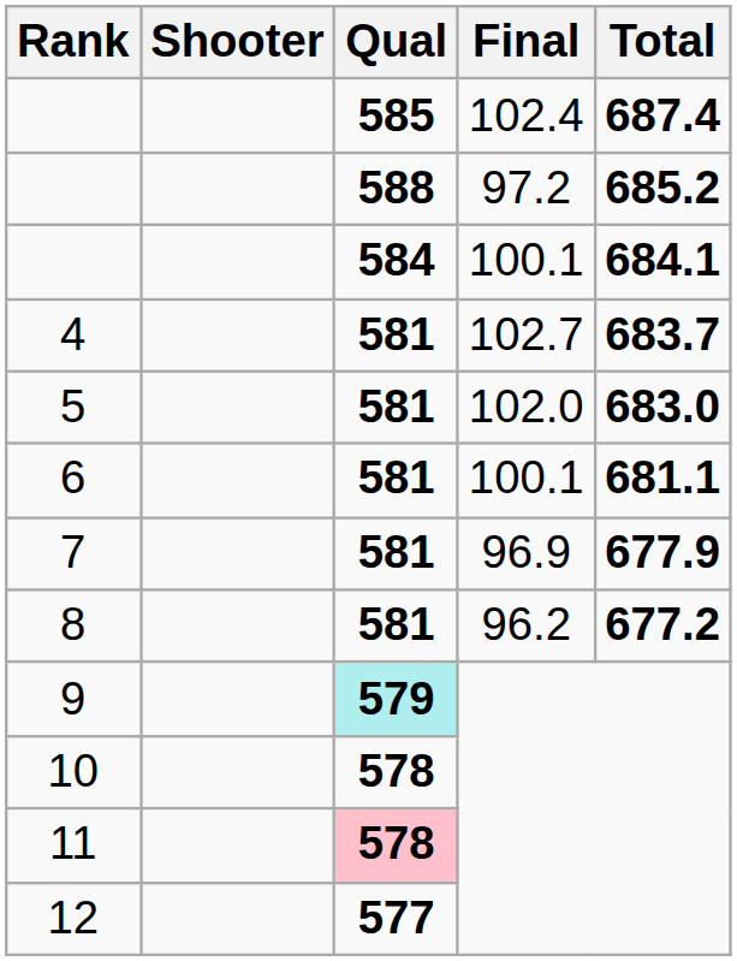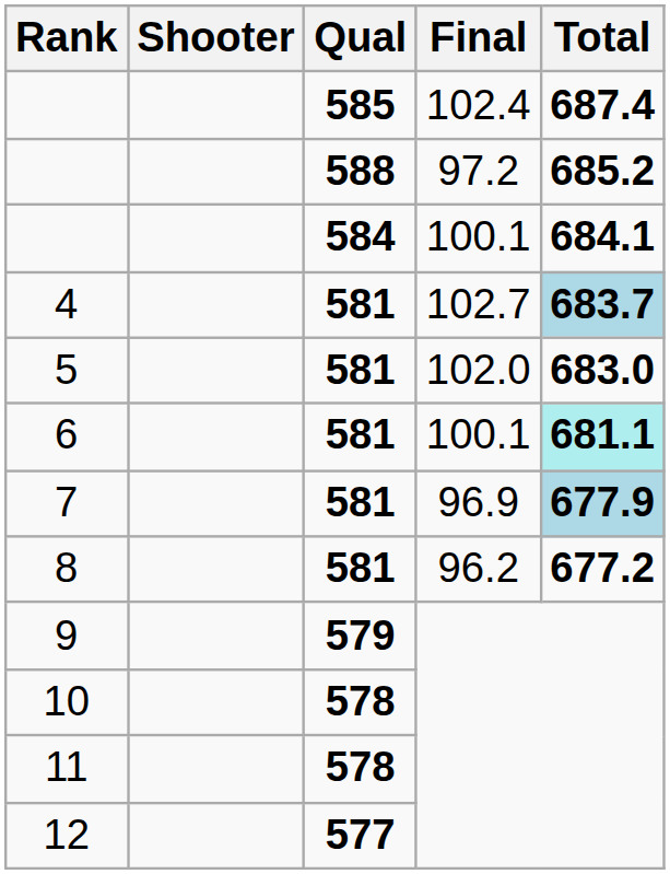 <table class="wikitable sortable" style="text-align: center">
 <tr>
 <th>Rank</th>
 <th>Shooter</th>
 <th>Qual</th>
 <th>Final</th>
 <th>Total</th>
 </tr>
 <tr>
 <td></td>
 <td align=left></td>
 <td><strong>585</strong></td>
 <td>102.4</td>
 <td><strong>687.4</strong></td>
 </tr>
 <tr>
 <td></td>
 <td align=left></td>
 <td><strong>588</strong></td>
 <td>97.2</td>
 <td><strong>685.2</strong></td>
 </tr>
 <tr>
 <td></td>
 <td align=left></td>
 <td><strong>584</strong></td>
 <td>100.1</td>
 <td><strong>684.1</strong></td>
 </tr>
 <tr>
 <td>4</td>
 <td align=left></td>
 <td><strong>581</strong></td>
 <td>102.7</td>
-<td><strong>683.7</strong></td>
+<td style="background: lightblue;"><strong>683.7</strong></td>
 </tr>
 <tr>
 <td>5</td>
 <td align=left></td>
 <td><strong>581</strong></td>
 <td>102.0</td>
 <td><strong>683.0</strong></td>
 </tr>
 <tr>
 <td>6</td>
 <td align=left></td>
 <td><strong>581</strong></td>
 <td>100.1</td>
-<td><strong>681.1</strong></td>
+<td style="background: paleturquoise;"><strong>681.1</strong></td>
 </tr>
 <tr>
 <td>7</td>
 <td align=left></td>
 <td><strong>581</strong></td>
 <td>96.9</td>
-<td><strong>677.9</strong></td>
+<td style="background: lightblue;"><strong>677.9</strong></td>
 </tr>
 <tr>
 <td>8</td>
 <td align=left></td>
 <td><strong>581</strong></td>
 <td>96.2</td>
 <td><strong>677.2</strong></td>
 </tr>
 <tr>
 <td>9</td>
 <td align=left></td>
-<td style="background: paleturquoise;"><strong>579</strong></td>
+<td><strong>579</strong></td>
 </tr>
 <tr>
 <td>10</td>
 <td align=left></td>
 <td><strong>578</strong></td>
 </tr>
 <tr>
 <td>11</td>
 <td align=left></td>
-<td style="background: pink;"><strong>578</strong></td>
+<td><strong>578</strong></td>
 </tr>
 <tr>
 <td>12</td>
 <td align=left></td>
 <td><strong>577</strong></td>
 </tr>
 </table>
